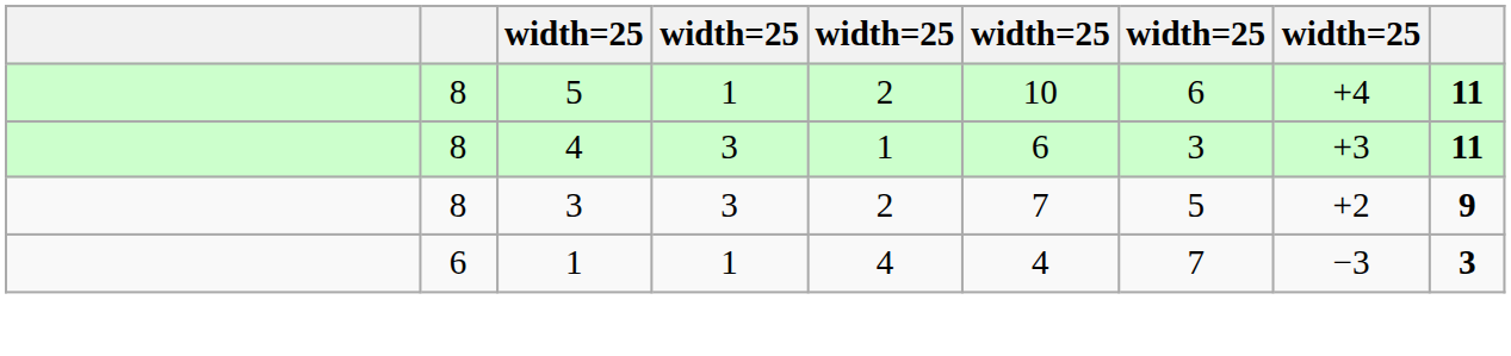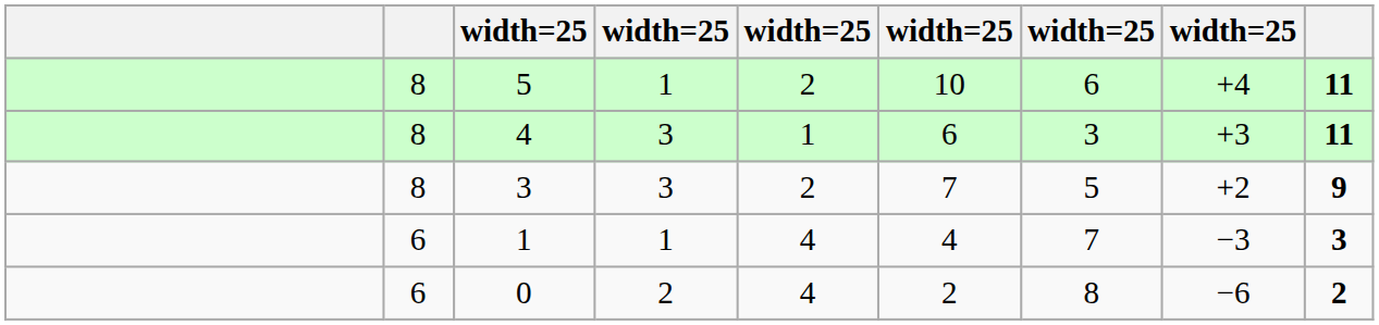 <table class="wikitable" style="text-align: center; font-size: 90%;">
 <tr>
 <th width=165></th>
 <th width=25></th>
 <th>width=25</th>
 <th>width=25</th>
 <th>width=25</th>
 <th>width=25</th>
 <th>width=25</th>
 <th>width=25</th>
 <th width=25></th>
 </tr>
 <tr style="background:#cfc;">
 <td align="left"><strong></strong></td>
 <td>8</td>
 <td>5</td>
 <td>1</td>
 <td>2</td>
 <td>10</td>
 <td>6</td>
 <td>+4</td>
 <td><strong>11</strong></td>
 </tr>
 <tr style="background:#cfc;">
 <td align="left"><strong></strong></td>
 <td>8</td>
 <td>4</td>
 <td>3</td>
 <td>1</td>
 <td>6</td>
 <td>3</td>
 <td>+3</td>
 <td><strong>11</strong></td>
 </tr>
 <tr>
 <td align="left"></td>
 <td>8</td>
 <td>3</td>
 <td>3</td>
 <td>2</td>
 <td>7</td>
 <td>5</td>
 <td>+2</td>
 <td><strong>9</strong></td>
 </tr>
 <tr>
 <td align="left"></td>
 <td>6</td>
 <td>1</td>
 <td>1</td>
 <td>4</td>
 <td>4</td>
 <td>7</td>
 <td>−3</td>
 <td><strong>3</strong></td>
 </tr>
+<tr>
+<td align="left"></td>
+<td>6</td>
+<td>0</td>
+<td>2</td>
+<td>4</td>
+<td>2</td>
+<td>8</td>
+<td>−6</td>
+<td><strong>2</strong></td>
+</tr>
 </table>
